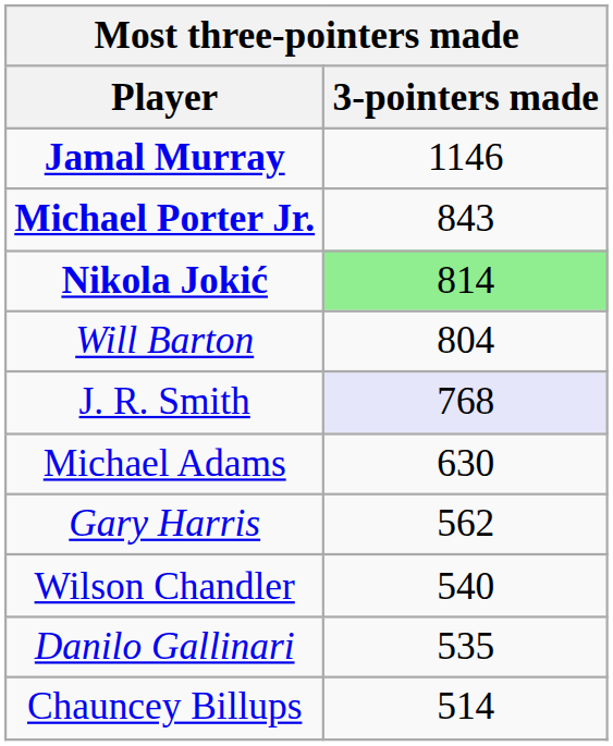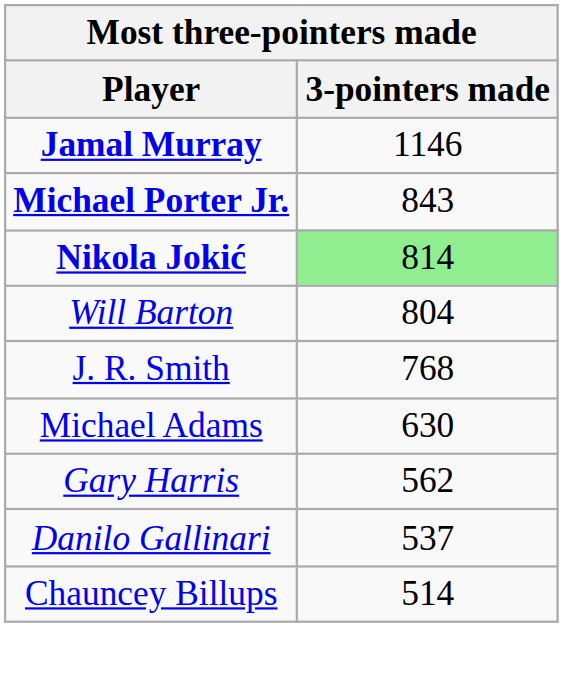 <table class="wikitable sortable" style="text-align:center">
 <tr>
 <th colspan="2" style="text-align:center; ">Most three-pointers made</th>
 </tr>
 <tr>
 <th style="text-align:center; ">Player</th>
 <th style="text-align:center; ">3-pointers made</th>
 </tr>
 <tr>
 <td><strong><a href='#'>Jamal Murray</a></strong></td>
 <td>1146</td>
 </tr>
 <tr>
 <td><strong><a href='#'>Michael Porter Jr.</a></strong></td>
 <td>843</td>
 </tr>
 <tr>
 <td><strong><a href='#'>Nikola Jokić</a></strong></td>
 <td style="background: lightgreen;">814</td>
 </tr>
 <tr>
 <td><em><a href='#'>Will Barton</a></em></td>
 <td>804</td>
 </tr>
 <tr>
 <td><a href='#'>J. R. Smith</a></td>
-<td style="background: lavender;">768</td>
+<td>768</td>
 </tr>
 <tr>
 <td><a href='#'>Michael Adams</a></td>
 <td>630</td>
 </tr>
 <tr>
 <td><em><a href='#'>Gary Harris</a></em></td>
 <td>562</td>
 </tr>
 <tr>
-<td><a href='#'>Wilson Chandler</a></td>
-<td>540</td>
-</tr>
-<tr>
 <td><em><a href='#'>Danilo Gallinari</a></em></td>
-<td>535</td>
+<td>537</td>
 </tr>
 <tr>
 <td><a href='#'>Chauncey Billups</a></td>
 <td>514</td>
 </tr>
 </table>
